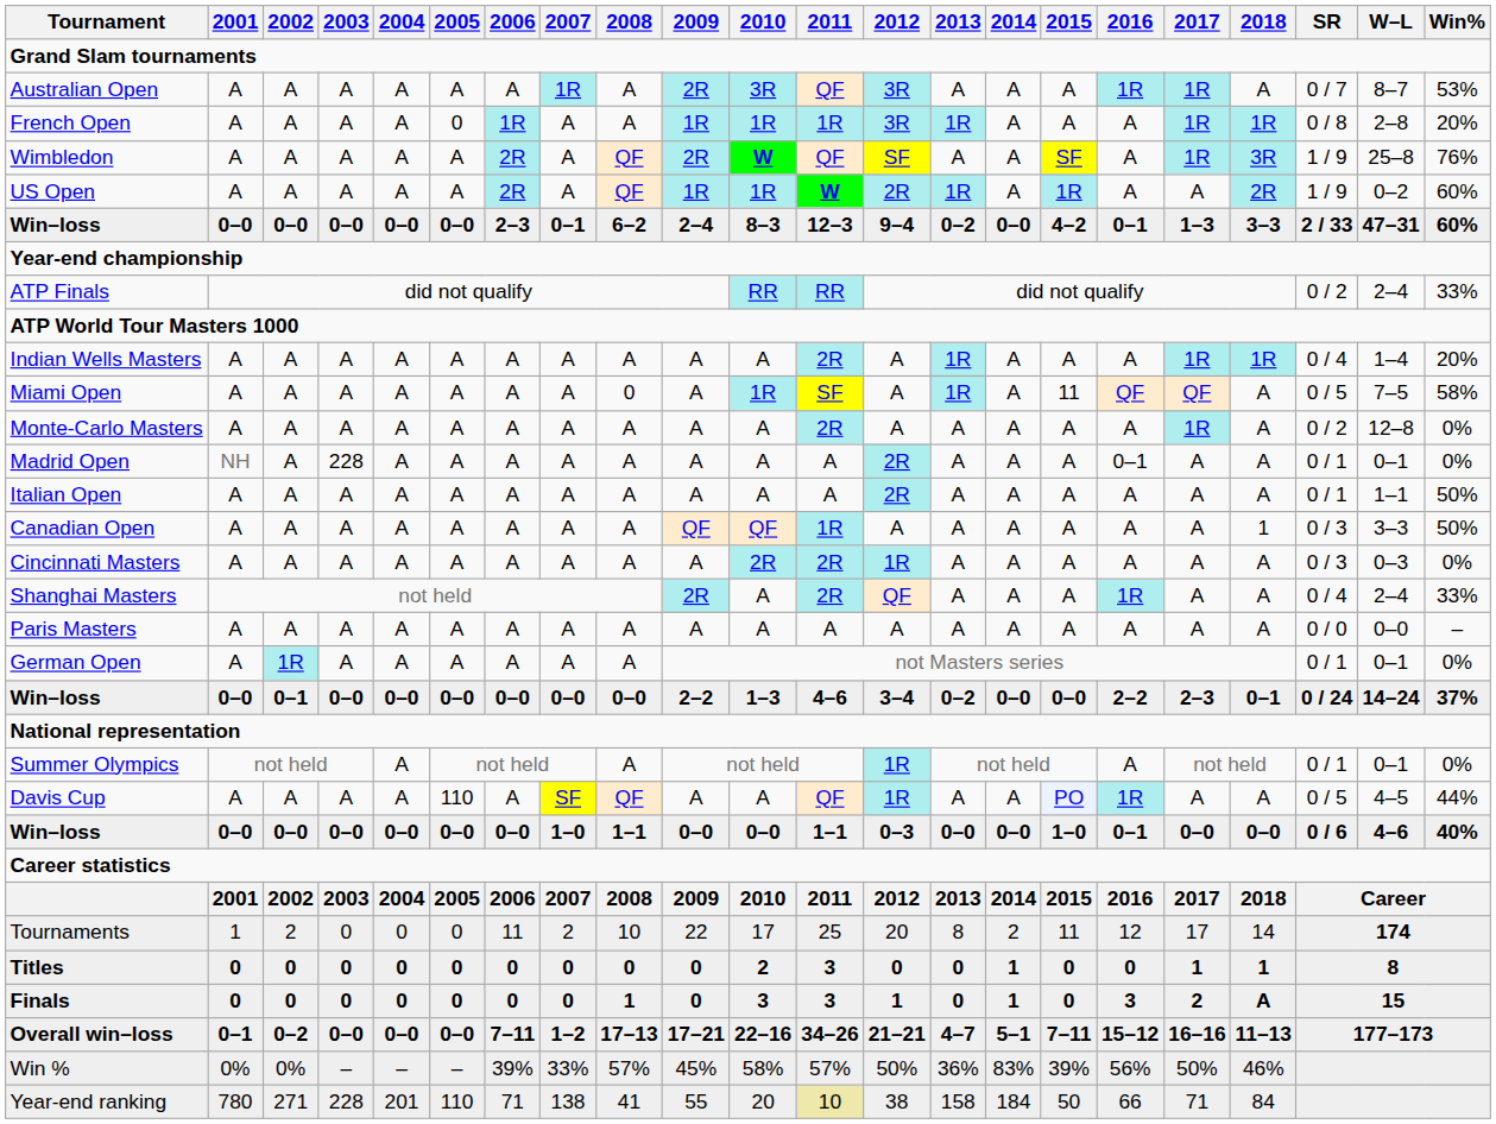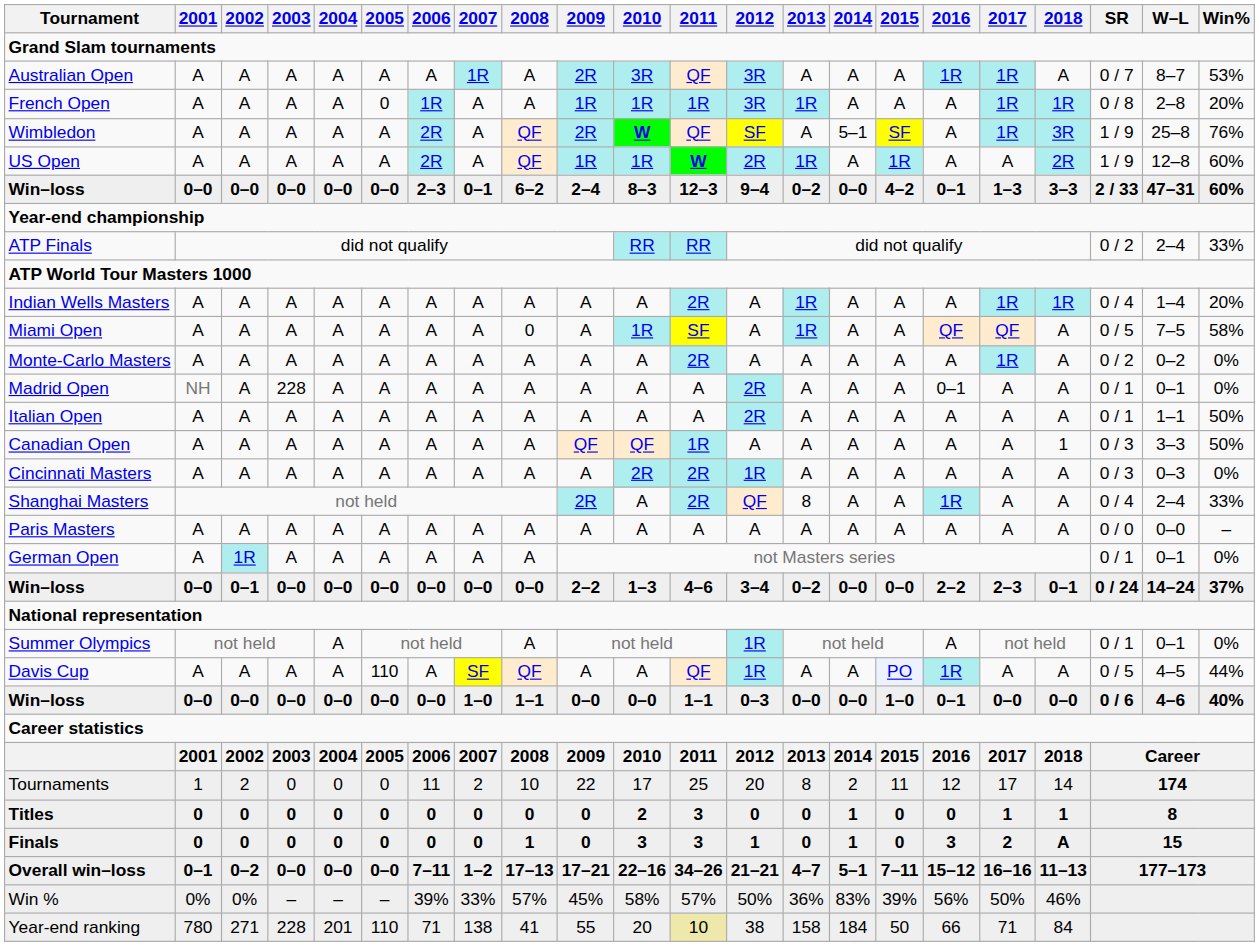 <table class="wikitable nowrap" style=text-align:center;font-size:96%>
 <tr>
 <th>Tournament</th>
 <th><a href='#'>2001</a></th>
 <th><a href='#'>2002</a></th>
 <th><a href='#'>2003</a></th>
 <th><a href='#'>2004</a></th>
 <th><a href='#'>2005</a></th>
 <th><a href='#'>2006</a></th>
 <th><a href='#'>2007</a></th>
 <th><a href='#'>2008</a></th>
 <th><a href='#'>2009</a></th>
 <th><a href='#'>2010</a></th>
 <th><a href='#'>2011</a></th>
 <th><a href='#'>2012</a></th>
 <th><a href='#'>2013</a></th>
 <th><a href='#'>2014</a></th>
 <th><a href='#'>2015</a></th>
 <th><a href='#'>2016</a></th>
 <th><a href='#'>2017</a></th>
 <th><a href='#'>2018</a></th>
 <th>SR</th>
 <th>W–L</th>
 <th>Win%</th>
 </tr>
 <tr>
 <td colspan="22" align="left"><strong>Grand Slam tournaments</strong></td>
 </tr>
 <tr>
 <td align=left><a href='#'>Australian Open</a></td>
 <td>A</td>
 <td>A</td>
 <td>A</td>
 <td>A</td>
 <td>A</td>
 <td>A</td>
 <td bgcolor=afeeee><a href='#'>1R</a></td>
 <td>A</td>
 <td bgcolor=afeeee><a href='#'>2R</a></td>
 <td bgcolor=afeeee><a href='#'>3R</a></td>
 <td bgcolor=ffebcd><a href='#'>QF</a></td>
 <td bgcolor=afeeee><a href='#'>3R</a></td>
 <td>A</td>
 <td>A</td>
 <td>A</td>
 <td bgcolor=afeeee><a href='#'>1R</a></td>
 <td bgcolor=afeeee><a href='#'>1R</a></td>
 <td>A</td>
 <td>0 / 7</td>
 <td>8–7</td>
 <td>53%</td>
 </tr>
 <tr>
 <td align=left><a href='#'>French Open</a></td>
 <td>A</td>
 <td>A</td>
 <td>A</td>
 <td>A</td>
 <td>0</td>
 <td bgcolor=afeeee><a href='#'>1R</a></td>
 <td>A</td>
 <td>A</td>
 <td bgcolor=afeeee><a href='#'>1R</a></td>
 <td bgcolor=afeeee><a href='#'>1R</a></td>
 <td bgcolor=afeeee><a href='#'>1R</a></td>
 <td bgcolor=afeeee><a href='#'>3R</a></td>
 <td bgcolor=afeeee><a href='#'>1R</a></td>
 <td>A</td>
 <td>A</td>
 <td>A</td>
 <td bgcolor=afeeee><a href='#'>1R</a></td>
 <td bgcolor=afeeee><a href='#'>1R</a></td>
 <td>0 / 8</td>
 <td>2–8</td>
 <td>20%</td>
 </tr>
 <tr>
 <td align=left><a href='#'>Wimbledon</a></td>
 <td>A</td>
 <td>A</td>
 <td>A</td>
 <td>A</td>
 <td>A</td>
 <td bgcolor=afeeee><a href='#'>2R</a></td>
 <td>A</td>
 <td bgcolor=ffebcd><a href='#'>QF</a></td>
 <td bgcolor=afeeee><a href='#'>2R</a></td>
 <td bgcolor=lime><a href='#'><strong>W</strong></a></td>
 <td bgcolor=ffebcd><a href='#'>QF</a></td>
 <td bgcolor=yellow><a href='#'>SF</a></td>
 <td>A</td>
-<td>A</td>
+<td>5–1</td>
 <td bgcolor=yellow><a href='#'>SF</a></td>
 <td>A</td>
 <td bgcolor=afeeee><a href='#'>1R</a></td>
 <td bgcolor=afeeee><a href='#'>3R</a></td>
 <td>1 / 9</td>
 <td>25–8</td>
 <td>76%</td>
 </tr>
 <tr>
 <td align=left><a href='#'>US Open</a></td>
 <td>A</td>
 <td>A</td>
 <td>A</td>
 <td>A</td>
 <td>A</td>
 <td bgcolor=afeeee><a href='#'>2R</a></td>
 <td>A</td>
 <td bgcolor=ffebcd><a href='#'>QF</a></td>
 <td bgcolor=afeeee><a href='#'>1R</a></td>
 <td bgcolor=afeeee><a href='#'>1R</a></td>
 <td bgcolor=lime><a href='#'><strong>W</strong></a></td>
 <td bgcolor=afeeee><a href='#'>2R</a></td>
 <td bgcolor=afeeee><a href='#'>1R</a></td>
 <td>A</td>
 <td bgcolor=afeeee><a href='#'>1R</a></td>
 <td>A</td>
 <td>A</td>
 <td bgcolor=afeeee><a href='#'>2R</a></td>
 <td>1 / 9</td>
-<td>0–2</td>
+<td>12–8</td>
 <td>60%</td>
 </tr>
 <tr style="font-weight:bold; background:#efefef;">
 <td style=text-align:left>Win–loss</td>
 <td>0–0</td>
 <td>0–0</td>
 <td>0–0</td>
 <td>0–0</td>
 <td>0–0</td>
 <td>2–3</td>
 <td>0–1</td>
 <td>6–2</td>
 <td>2–4</td>
 <td>8–3</td>
 <td>12–3</td>
 <td>9–4</td>
 <td>0–2</td>
 <td>0–0</td>
 <td>4–2</td>
 <td>0–1</td>
 <td>1–3</td>
 <td>3–3</td>
 <td>2 / 33</td>
 <td>47–31</td>
 <td>60%</td>
 </tr>
 <tr>
 <td colspan="22" align="left"><strong>Year-end championship</strong></td>
 </tr>
 <tr>
 <td align=left><a href='#'>ATP Finals</a></td>
 <td colspan=9>did not qualify</td>
 <td bgcolor=afeeee><a href='#'>RR</a></td>
 <td bgcolor=afeeee><a href='#'>RR</a></td>
 <td colspan=7>did not qualify</td>
 <td>0 / 2</td>
 <td>2–4</td>
 <td>33%</td>
 </tr>
 <tr>
 <td colspan="22" align="left"><strong>ATP World Tour Masters 1000</strong></td>
 </tr>
 <tr>
 <td align=left><a href='#'>Indian Wells Masters</a></td>
 <td>A</td>
 <td>A</td>
 <td>A</td>
 <td>A</td>
 <td>A</td>
 <td>A</td>
 <td>A</td>
 <td>A</td>
 <td>A</td>
 <td>A</td>
 <td bgcolor=afeeee><a href='#'>2R</a></td>
 <td>A</td>
 <td bgcolor=afeeee><a href='#'>1R</a></td>
 <td>A</td>
 <td>A</td>
 <td>A</td>
 <td bgcolor=afeeee><a href='#'>1R</a></td>
 <td bgcolor=afeeee><a href='#'>1R</a></td>
 <td>0 / 4</td>
 <td>1–4</td>
 <td>20%</td>
 </tr>
 <tr>
 <td align=left><a href='#'>Miami Open</a></td>
 <td>A</td>
 <td>A</td>
 <td>A</td>
 <td>A</td>
 <td>A</td>
 <td>A</td>
 <td>A</td>
 <td>0</td>
 <td>A</td>
 <td bgcolor=afeeee><a href='#'>1R</a></td>
 <td bgcolor=yellow><a href='#'>SF</a></td>
 <td>A</td>
 <td bgcolor=afeeee><a href='#'>1R</a></td>
 <td>A</td>
-<td>11</td>
+<td>A</td>
 <td bgcolor=ffebcd><a href='#'>QF</a></td>
 <td bgcolor=ffebcd><a href='#'>QF</a></td>
 <td>A</td>
 <td>0 / 5</td>
 <td>7–5</td>
 <td>58%</td>
 </tr>
 <tr>
 <td align=left><a href='#'>Monte-Carlo Masters</a></td>
 <td>A</td>
 <td>A</td>
 <td>A</td>
 <td>A</td>
 <td>A</td>
 <td>A</td>
 <td>A</td>
 <td>A</td>
 <td>A</td>
 <td>A</td>
 <td bgcolor=afeeee><a href='#'>2R</a></td>
 <td>A</td>
 <td>A</td>
 <td>A</td>
 <td>A</td>
 <td>A</td>
 <td bgcolor=afeeee><a href='#'>1R</a></td>
 <td>A</td>
 <td>0 / 2</td>
-<td>12–8</td>
+<td>0–2</td>
 <td>0%</td>
 </tr>
 <tr>
 <td align=left><a href='#'>Madrid Open</a></td>
 <td style=color:#767676>NH</td>
 <td>A</td>
 <td>228</td>
 <td>A</td>
 <td>A</td>
 <td>A</td>
 <td>A</td>
 <td>A</td>
 <td>A</td>
 <td>A</td>
 <td>A</td>
 <td bgcolor=afeeee><a href='#'>2R</a></td>
 <td>A</td>
 <td>A</td>
 <td>A</td>
 <td>0–1</td>
 <td>A</td>
 <td>A</td>
 <td>0 / 1</td>
 <td>0–1</td>
 <td>0%</td>
 </tr>
 <tr>
 <td align=left><a href='#'>Italian Open</a></td>
 <td>A</td>
 <td>A</td>
 <td>A</td>
 <td>A</td>
 <td>A</td>
 <td>A</td>
 <td>A</td>
 <td>A</td>
 <td>A</td>
 <td>A</td>
 <td>A</td>
 <td bgcolor=afeeee><a href='#'>2R</a></td>
 <td>A</td>
 <td>A</td>
 <td>A</td>
 <td>A</td>
 <td>A</td>
 <td>A</td>
 <td>0 / 1</td>
 <td>1–1</td>
 <td>50%</td>
 </tr>
 <tr>
 <td align=left><a href='#'>Canadian Open</a></td>
 <td>A</td>
 <td>A</td>
 <td>A</td>
 <td>A</td>
 <td>A</td>
 <td>A</td>
 <td>A</td>
 <td>A</td>
 <td bgcolor=ffebcd><a href='#'>QF</a></td>
 <td bgcolor=ffebcd><a href='#'>QF</a></td>
 <td bgcolor=afeeee><a href='#'>1R</a></td>
 <td>A</td>
 <td>A</td>
 <td>A</td>
 <td>A</td>
 <td>A</td>
 <td>A</td>
 <td>1</td>
 <td>0 / 3</td>
 <td>3–3</td>
 <td>50%</td>
 </tr>
 <tr>
 <td align=left><a href='#'>Cincinnati Masters</a></td>
 <td>A</td>
 <td>A</td>
 <td>A</td>
 <td>A</td>
 <td>A</td>
 <td>A</td>
 <td>A</td>
 <td>A</td>
 <td>A</td>
 <td bgcolor=afeeee><a href='#'>2R</a></td>
 <td bgcolor=afeeee><a href='#'>2R</a></td>
 <td bgcolor=afeeee><a href='#'>1R</a></td>
 <td>A</td>
 <td>A</td>
 <td>A</td>
 <td>A</td>
 <td>A</td>
 <td>A</td>
 <td>0 / 3</td>
 <td>0–3</td>
 <td>0%</td>
 </tr>
 <tr>
 <td align=left><a href='#'>Shanghai Masters</a></td>
 <td colspan=8 style=color:#767676>not held</td>
 <td bgcolor=afeeee><a href='#'>2R</a></td>
 <td>A</td>
 <td bgcolor=afeeee><a href='#'>2R</a></td>
 <td bgcolor=ffebcd><a href='#'>QF</a></td>
-<td>A</td>
+<td>8</td>
 <td>A</td>
 <td>A</td>
 <td bgcolor=afeeee><a href='#'>1R</a></td>
 <td>A</td>
 <td>A</td>
 <td>0 / 4</td>
 <td>2–4</td>
 <td>33%</td>
 </tr>
 <tr>
 <td align=left><a href='#'>Paris Masters</a></td>
 <td>A</td>
 <td>A</td>
 <td>A</td>
 <td>A</td>
 <td>A</td>
 <td>A</td>
 <td>A</td>
 <td>A</td>
 <td>A</td>
 <td>A</td>
 <td>A</td>
 <td>A</td>
 <td>A</td>
 <td>A</td>
 <td>A</td>
 <td>A</td>
 <td>A</td>
 <td>A</td>
 <td>0 / 0</td>
 <td>0–0</td>
 <td>–</td>
 </tr>
 <tr>
 <td align=left><a href='#'>German Open</a></td>
 <td>A</td>
 <td bgcolor=afeeee><a href='#'>1R</a></td>
 <td>A</td>
 <td>A</td>
 <td>A</td>
 <td>A</td>
 <td>A</td>
 <td>A</td>
 <td colspan="10" style="color:#767676">not Masters series</td>
 <td>0 / 1</td>
 <td>0–1</td>
 <td>0%</td>
 </tr>
 <tr style="font-weight:bold; background:#efefef;">
 <td style=text-align:left>Win–loss</td>
 <td>0–0</td>
 <td>0–1</td>
 <td>0–0</td>
 <td>0–0</td>
 <td>0–0</td>
 <td>0–0</td>
 <td>0–0</td>
 <td>0–0</td>
 <td>2–2</td>
 <td>1–3</td>
 <td>4–6</td>
 <td>3–4</td>
 <td>0–2</td>
 <td>0–0</td>
 <td>0–0</td>
 <td>2–2</td>
 <td>2–3</td>
 <td>0–1</td>
 <td>0 / 24</td>
 <td>14–24</td>
 <td>37%</td>
 </tr>
 <tr>
 <td colspan="22" align="left"><strong>National representation</strong></td>
 </tr>
 <tr>
 <td align=left><a href='#'>Summer Olympics</a></td>
 <td colspan=3 style=color:#767676>not held</td>
 <td>A</td>
 <td colspan=3 style=color:#767676>not held</td>
 <td>A</td>
 <td colspan=3 style=color:#767676>not held</td>
 <td bgcolor=afeeee><a href='#'>1R</a></td>
 <td colspan=3 style=color:#767676>not held</td>
 <td>A</td>
 <td colspan=2 style="color:#767676">not held</td>
 <td>0 / 1</td>
 <td>0–1</td>
 <td>0%</td>
 </tr>
 <tr>
 <td align=left><a href='#'>Davis Cup</a></td>
 <td>A</td>
 <td>A</td>
 <td>A</td>
 <td>A</td>
 <td>110</td>
 <td>A</td>
 <td bgcolor=yellow><a href='#'>SF</a></td>
 <td bgcolor=ffebcd><a href='#'>QF</a></td>
 <td>A</td>
 <td>A</td>
 <td bgcolor=ffebcd><a href='#'>QF</a></td>
 <td bgcolor=afeeee><a href='#'>1R</a></td>
 <td>A</td>
 <td>A</td>
 <td bgcolor=ecf2ff><a href='#'>PO</a></td>
 <td bgcolor=afeeee><a href='#'>1R</a></td>
 <td>A</td>
 <td>A</td>
 <td>0 / 5</td>
 <td>4–5</td>
 <td>44%</td>
 </tr>
 <tr style="font-weight:bold; background:#efefef;">
 <td style=text-align:left>Win–loss</td>
 <td>0–0</td>
 <td>0–0</td>
 <td>0–0</td>
 <td>0–0</td>
 <td>0–0</td>
 <td>0–0</td>
 <td>1–0</td>
 <td>1–1</td>
 <td>0–0</td>
 <td>0–0</td>
 <td>1–1</td>
 <td>0–3</td>
 <td>0–0</td>
 <td>0–0</td>
 <td>1–0</td>
 <td>0–1</td>
 <td>0–0</td>
 <td>0–0</td>
 <td>0 / 6</td>
 <td>4–6</td>
 <td>40%</td>
 </tr>
 <tr>
 <td colspan="22" align="left"><strong>Career statistics</strong></td>
 </tr>
 <tr>
 <th></th>
 <th>2001</th>
 <th>2002</th>
 <th>2003</th>
 <th>2004</th>
 <th>2005</th>
 <th>2006</th>
 <th>2007</th>
 <th>2008</th>
 <th>2009</th>
 <th>2010</th>
 <th>2011</th>
 <th>2012</th>
 <th>2013</th>
 <th>2014</th>
 <th>2015</th>
 <th>2016</th>
 <th>2017</th>
 <th>2018</th>
 <th colspan="3">Career</th>
 </tr>
 <tr bgcolor=efefef>
 <td align="left">Tournaments</td>
 <td>1</td>
 <td>2</td>
 <td>0</td>
 <td>0</td>
 <td>0</td>
 <td>11</td>
 <td>2</td>
 <td>10</td>
 <td>22</td>
 <td>17</td>
 <td>25</td>
 <td>20</td>
 <td>8</td>
 <td>2</td>
 <td>11</td>
 <td>12</td>
 <td>17</td>
 <td>14</td>
 <td colspan=3><strong>174</strong></td>
 </tr>
 <tr style="font-weight:bold; background:#efefef;">
 <td style=text-align:left>Titles</td>
 <td>0</td>
 <td>0</td>
 <td>0</td>
 <td>0</td>
 <td>0</td>
 <td>0</td>
 <td>0</td>
 <td>0</td>
 <td>0</td>
 <td>2</td>
 <td>3</td>
 <td>0</td>
 <td>0</td>
 <td>1</td>
 <td>0</td>
 <td>0</td>
 <td>1</td>
 <td>1</td>
 <td colspan=3>8</td>
 </tr>
 <tr style="font-weight:bold; background:#efefef;">
 <td style=text-align:left>Finals</td>
 <td>0</td>
 <td>0</td>
 <td>0</td>
 <td>0</td>
 <td>0</td>
 <td>0</td>
 <td>0</td>
 <td>1</td>
 <td>0</td>
 <td>3</td>
 <td>3</td>
 <td>1</td>
 <td>0</td>
 <td>1</td>
 <td>0</td>
 <td>3</td>
 <td>2</td>
 <td>A</td>
 <td colspan=3>15</td>
 </tr>
 <tr style="font-weight:bold; background:#efefef;">
 <td style=text-align:left>Overall win–loss</td>
 <td>0–1</td>
 <td>0–2</td>
 <td>0–0</td>
 <td>0–0</td>
 <td>0–0</td>
 <td>7–11</td>
 <td>1–2</td>
 <td>17–13</td>
 <td>17–21</td>
 <td>22–16</td>
 <td>34–26</td>
 <td>21–21</td>
 <td>4–7</td>
 <td>5–1</td>
 <td>7–11</td>
 <td>15–12</td>
 <td>16–16</td>
 <td>11–13</td>
 <td colspan=3>177–173</td>
 </tr>
 <tr bgcolor=efefef>
 <td align=left>Win %</td>
 <td>0%</td>
 <td>0%</td>
 <td>–</td>
 <td>–</td>
 <td>–</td>
 <td>39%</td>
 <td>33%</td>
 <td>57%</td>
 <td>45%</td>
 <td>58%</td>
 <td>57%</td>
 <td>50%</td>
 <td>36%</td>
 <td>83%</td>
 <td>39%</td>
 <td>56%</td>
 <td>50%</td>
 <td>46%</td>
 <td colspan=3><strong></strong></td>
 </tr>
 <tr bgcolor=efefef>
 <td align="left">Year-end ranking</td>
 <td>780</td>
 <td>271</td>
 <td>228</td>
 <td>201</td>
 <td>110</td>
 <td>71</td>
 <td>138</td>
 <td>41</td>
 <td>55</td>
 <td>20</td>
 <td bgcolor="eee8aa">10</td>
 <td>38</td>
 <td>158</td>
 <td>184</td>
 <td>50</td>
 <td>66</td>
 <td>71</td>
 <td>84</td>
 <td colspan=3></td>
 </tr>
 </table>
